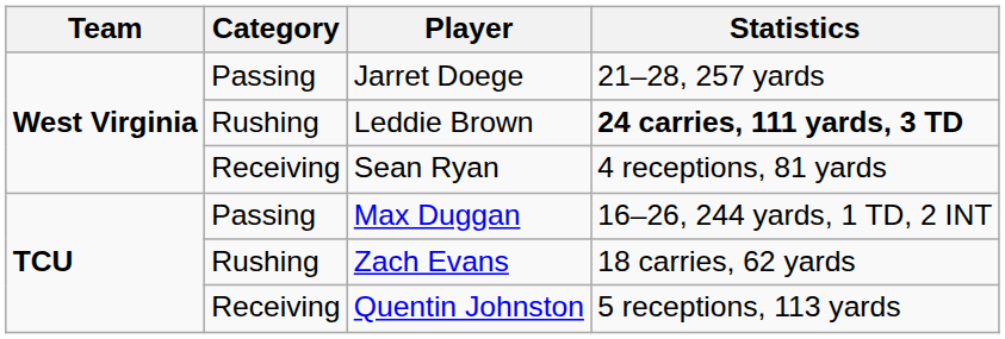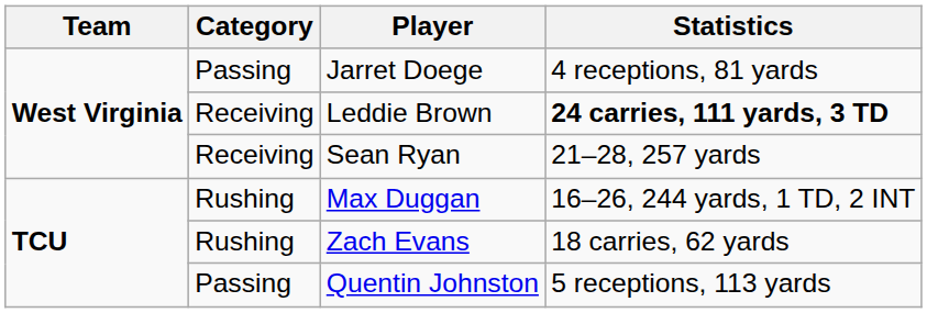 <table class="wikitable" style="float: right;">
 <tr>
 <th>Team</th>
 <th>Category</th>
 <th>Player</th>
 <th>Statistics</th>
 </tr>
 <tr>
 <td rowspan=3><strong>West Virginia</strong></td>
 <td>Passing</td>
 <td>Jarret Doege</td>
-<td>21–28, 257 yards</td>
+<td>4 receptions, 81 yards</td>
 </tr>
 <tr>
-<td>Rushing</td>
+<td>Receiving</td>
 <td>Leddie Brown</td>
 <td><strong>24 carries, 111 yards, 3 TD</strong></td>
 </tr>
 <tr>
 <td>Receiving</td>
 <td>Sean Ryan</td>
-<td>4 receptions, 81 yards</td>
+<td>21–28, 257 yards</td>
 </tr>
 <tr>
 <td rowspan=3><strong>TCU</strong></td>
-<td>Passing</td>
+<td>Rushing</td>
 <td><a href='#'>Max Duggan</a></td>
 <td>16–26, 244 yards, 1 TD, 2 INT</td>
 </tr>
 <tr>
 <td>Rushing</td>
 <td><a href='#'>Zach Evans</a></td>
 <td>18 carries, 62 yards</td>
 </tr>
 <tr>
-<td>Receiving</td>
+<td>Passing</td>
 <td><a href='#'>Quentin Johnston</a></td>
 <td>5 receptions, 113 yards</td>
 </tr>
 </table>
